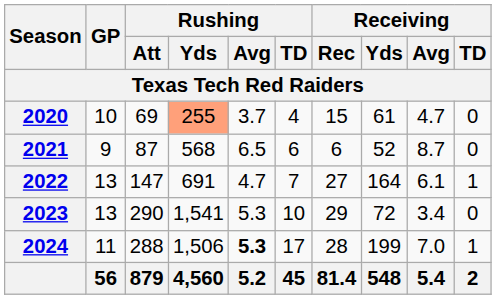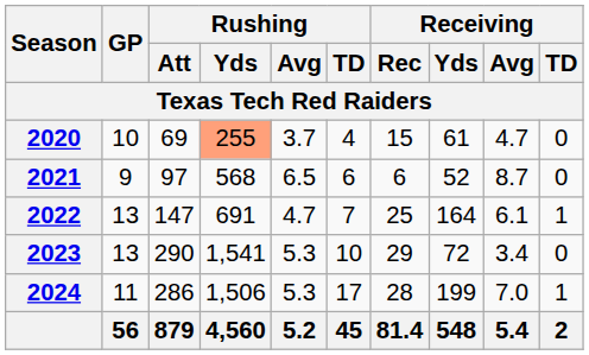 <table class="wikitable" style="text-align:center;">
 <tr>
 <th rowspan="2">Season</th>
 <th rowspan="2">GP</th>
 <th colspan="4">Rushing</th>
 <th colspan="4">Receiving</th>
 </tr>
 <tr>
 <th>Att</th>
 <th>Yds</th>
 <th>Avg</th>
 <th>TD</th>
 <th>Rec</th>
 <th>Yds</th>
 <th>Avg</th>
 <th>TD</th>
 </tr>
 <tr>
 <th colspan="11">Texas Tech Red Raiders</th>
 </tr>
 <tr>
 <th><a href='#'>2020</a></th>
 <td>10</td>
 <td>69</td>
 <td style="background: lightsalmon;">255</td>
 <td>3.7</td>
 <td>4</td>
 <td>15</td>
 <td>61</td>
 <td>4.7</td>
 <td>0</td>
 </tr>
 <tr>
 <th><a href='#'>2021</a></th>
 <td>9</td>
-<td>87</td>
+<td>97</td>
 <td>568</td>
 <td>6.5</td>
 <td>6</td>
 <td>6</td>
 <td>52</td>
 <td>8.7</td>
 <td>0</td>
 </tr>
 <tr>
 <th><a href='#'>2022</a></th>
 <td>13</td>
 <td>147</td>
 <td>691</td>
 <td>4.7</td>
 <td>7</td>
-<td>27</td>
+<td>25</td>
 <td>164</td>
 <td>6.1</td>
 <td>1</td>
 </tr>
 <tr>
 <th><a href='#'>2023</a></th>
 <td>13</td>
 <td>290</td>
 <td>1,541</td>
 <td>5.3</td>
 <td>10</td>
 <td>29</td>
 <td>72</td>
 <td>3.4</td>
 <td>0</td>
 </tr>
 <tr>
 <th><a href='#'>2024</a></th>
 <td>11</td>
-<td>288</td>
+<td>286</td>
 <td>1,506</td>
-<td><strong>5.3</strong></td>
+<td>5.3</td>
 <td>17</td>
 <td>28</td>
 <td>199</td>
 <td>7.0</td>
 <td>1</td>
 </tr>
 <tr>
 <th></th>
 <th>56</th>
 <th>879</th>
 <th>4,560</th>
 <th>5.2</th>
 <th>45</th>
 <th>81.4</th>
 <th>548</th>
 <th>5.4</th>
 <th>2</th>
 </tr>
 </table>
